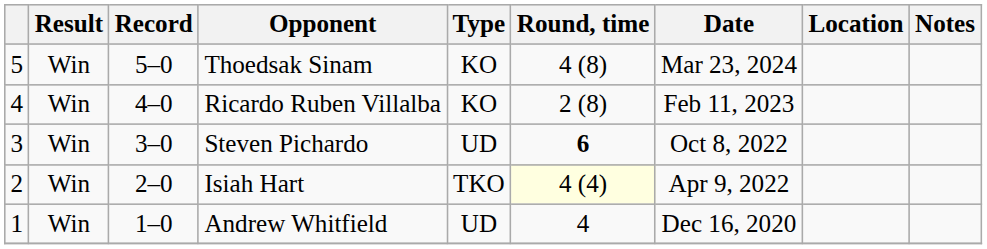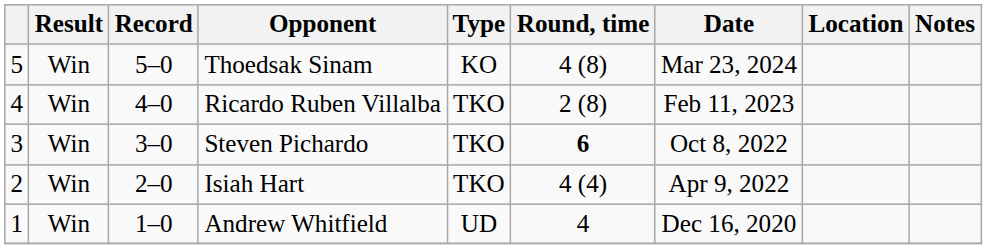 <table class="wikitable" style="text-align:center">
 <tr>
 <th></th>
 <th>Result</th>
 <th>Record</th>
 <th>Opponent</th>
 <th>Type</th>
 <th>Round, time</th>
 <th>Date</th>
 <th>Location</th>
 <th>Notes</th>
 </tr>
 <tr>
 <td>5</td>
 <td>Win</td>
 <td>5–0</td>
 <td style="text-align:left;">Thoedsak Sinam</td>
 <td>KO</td>
 <td>4 (8) </td>
 <td>Mar 23, 2024</td>
 <td style="text-align:left;"></td>
 <td></td>
 </tr>
 <tr>
 <td>4</td>
 <td>Win</td>
 <td>4–0</td>
 <td style="text-align:left;">Ricardo Ruben Villalba</td>
-<td>KO</td>
+<td>TKO</td>
 <td>2 (8) </td>
 <td>Feb 11, 2023</td>
 <td style="text-align:left;"></td>
 <td></td>
 </tr>
 <tr>
 <td>3</td>
 <td>Win</td>
 <td>3–0</td>
 <td style="text-align:left;">Steven Pichardo</td>
-<td>UD</td>
+<td>TKO</td>
 <td><strong>6</strong></td>
 <td>Oct 8, 2022</td>
 <td style="text-align:left;"></td>
 <td></td>
 </tr>
 <tr>
 <td>2</td>
 <td>Win</td>
 <td>2–0</td>
 <td align=left>Isiah Hart</td>
 <td>TKO</td>
-<td style="background: lightyellow;">4 (4) </td>
+<td>4 (4) </td>
 <td>Apr 9, 2022</td>
 <td style="text-align:left;"></td>
 <td></td>
 </tr>
 <tr>
 <td>1</td>
 <td>Win</td>
 <td>1–0</td>
 <td style="text-align:left;">Andrew Whitfield</td>
 <td>UD</td>
 <td>4</td>
 <td>Dec 16, 2020</td>
 <td style="text-align:left;"></td>
 <td></td>
 </tr>
 <tr>
 </tr>
 </table>
